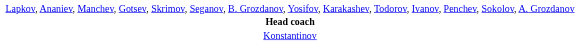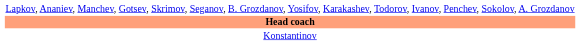 <table style="text-align: center; margin-top: 2em; margin-left: auto; margin-right: auto">
 <tr>
 <td><a href='#'>Lapkov</a>, <a href='#'>Ananiev</a>, <a href='#'>Manchev</a>, <a href='#'>Gotsev</a>, <a href='#'>Skrimov</a>, <a href='#'>Seganov</a>, <a href='#'>B. Grozdanov</a>, <a href='#'>Yosifov</a>, <a href='#'>Karakashev</a>, <a href='#'>Todorov</a>, <a href='#'>Ivanov</a>, <a href='#'>Penchev</a>, <a href='#'>Sokolov</a>, <a href='#'>A. Grozdanov</a></td>
 </tr>
 <tr>
-<td><strong>Head coach</strong></td>
+<td style="background: lightsalmon;"><strong>Head coach</strong></td>
 </tr>
 <tr>
 <td><a href='#'>Konstantinov</a></td>
 </tr>
 </table>
